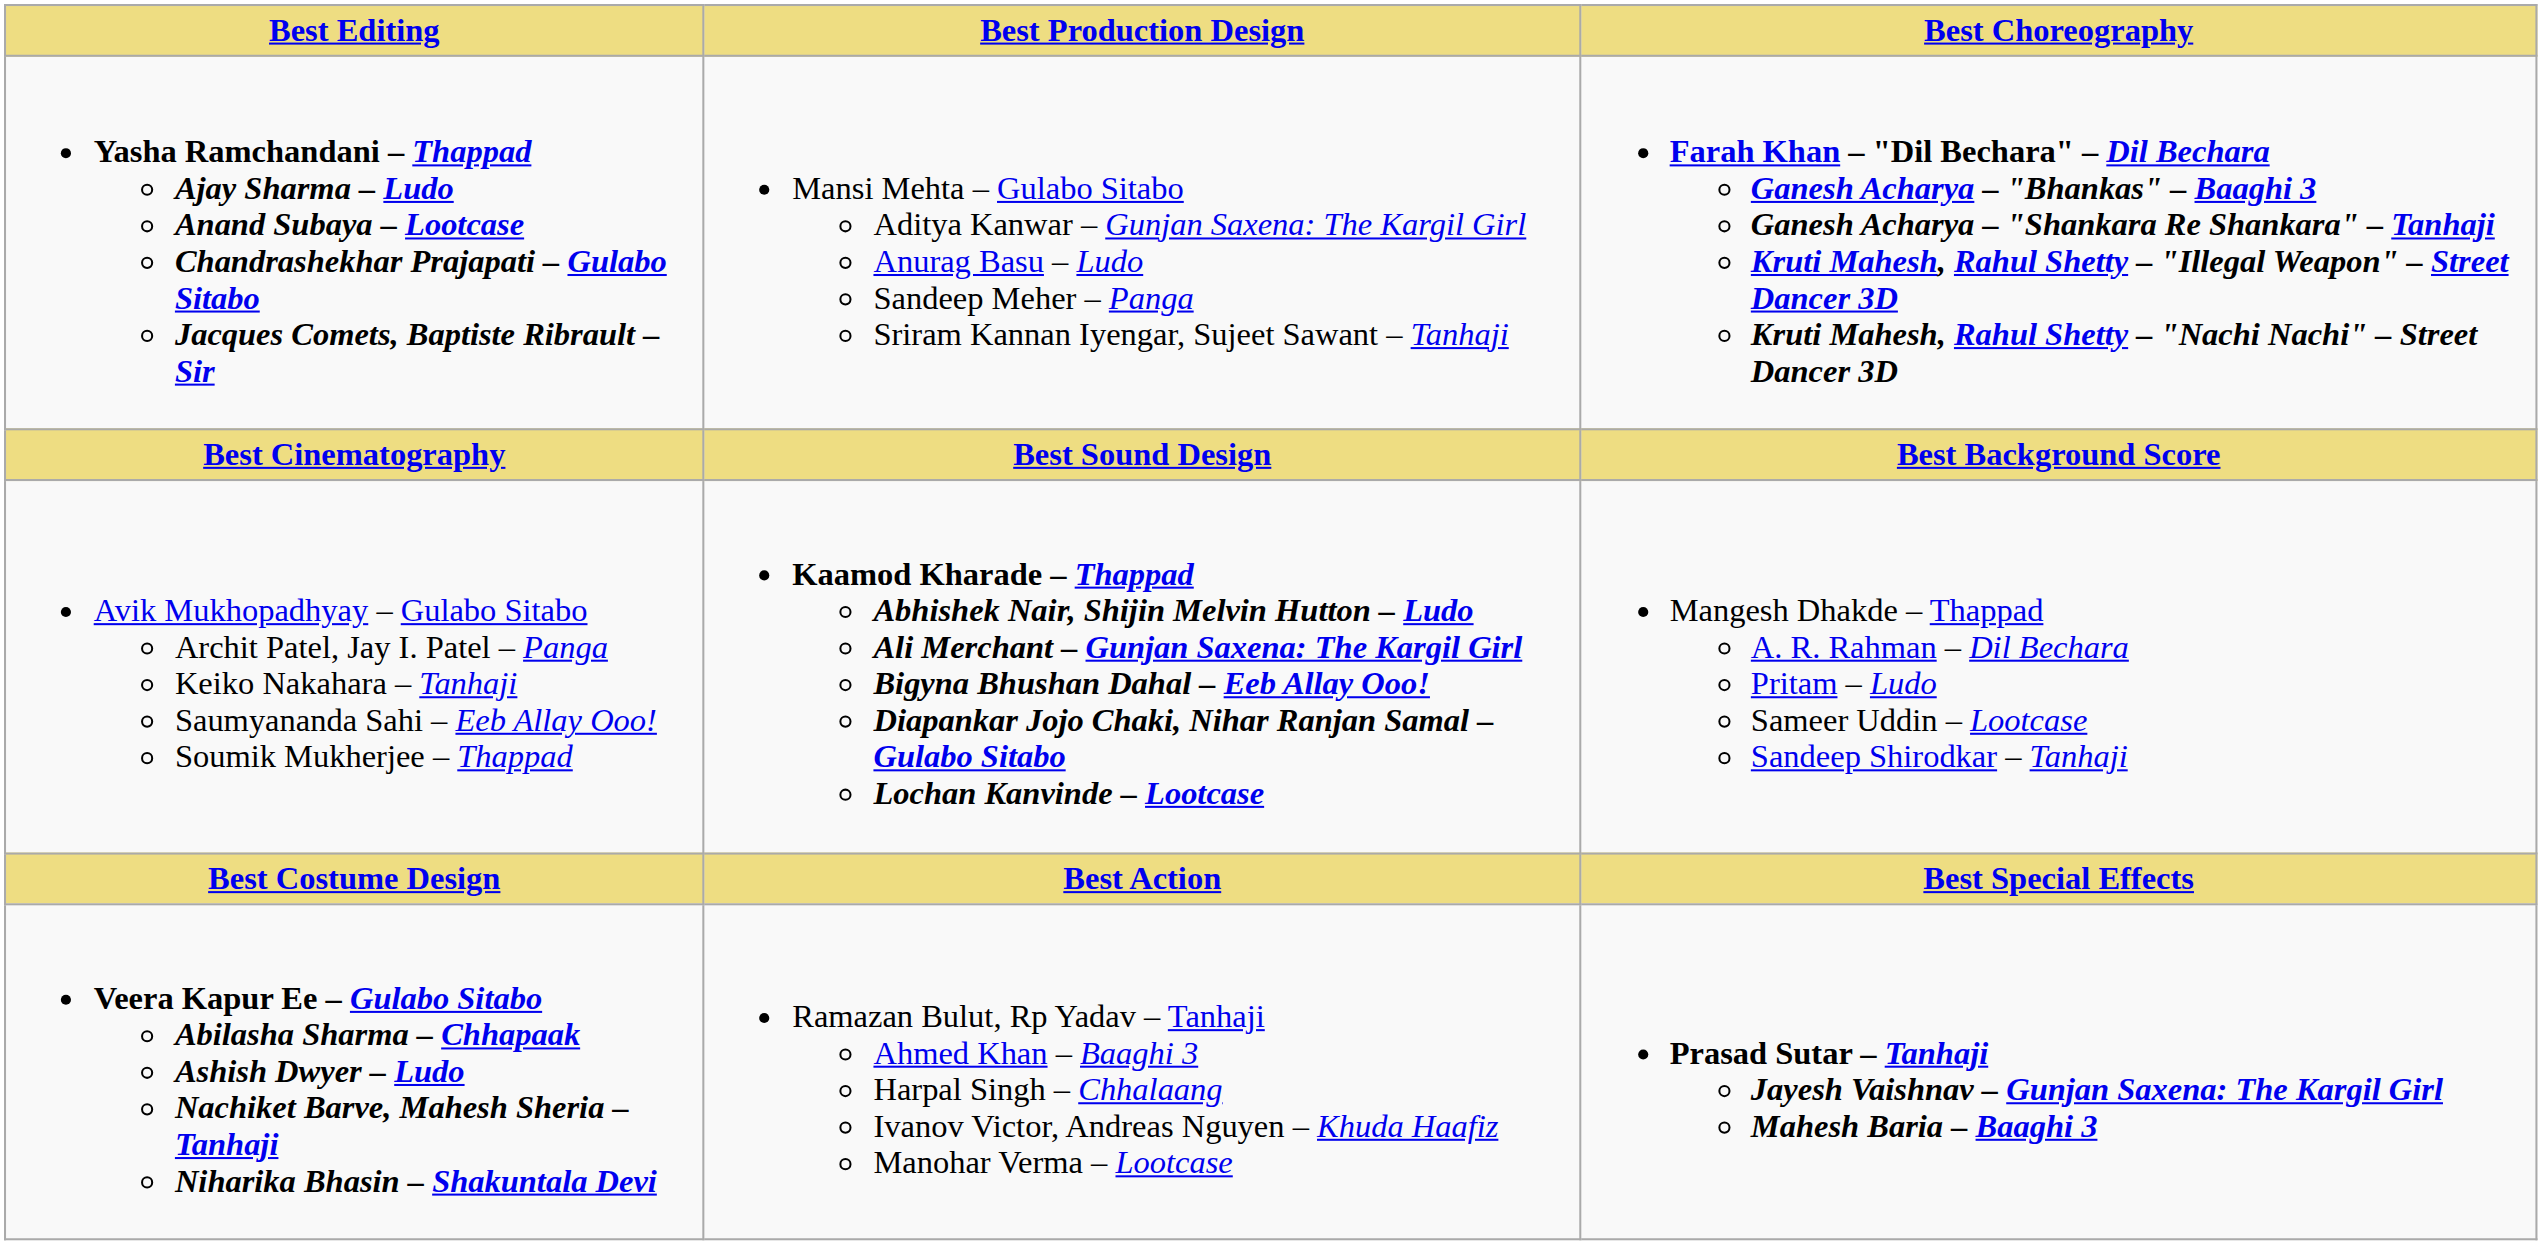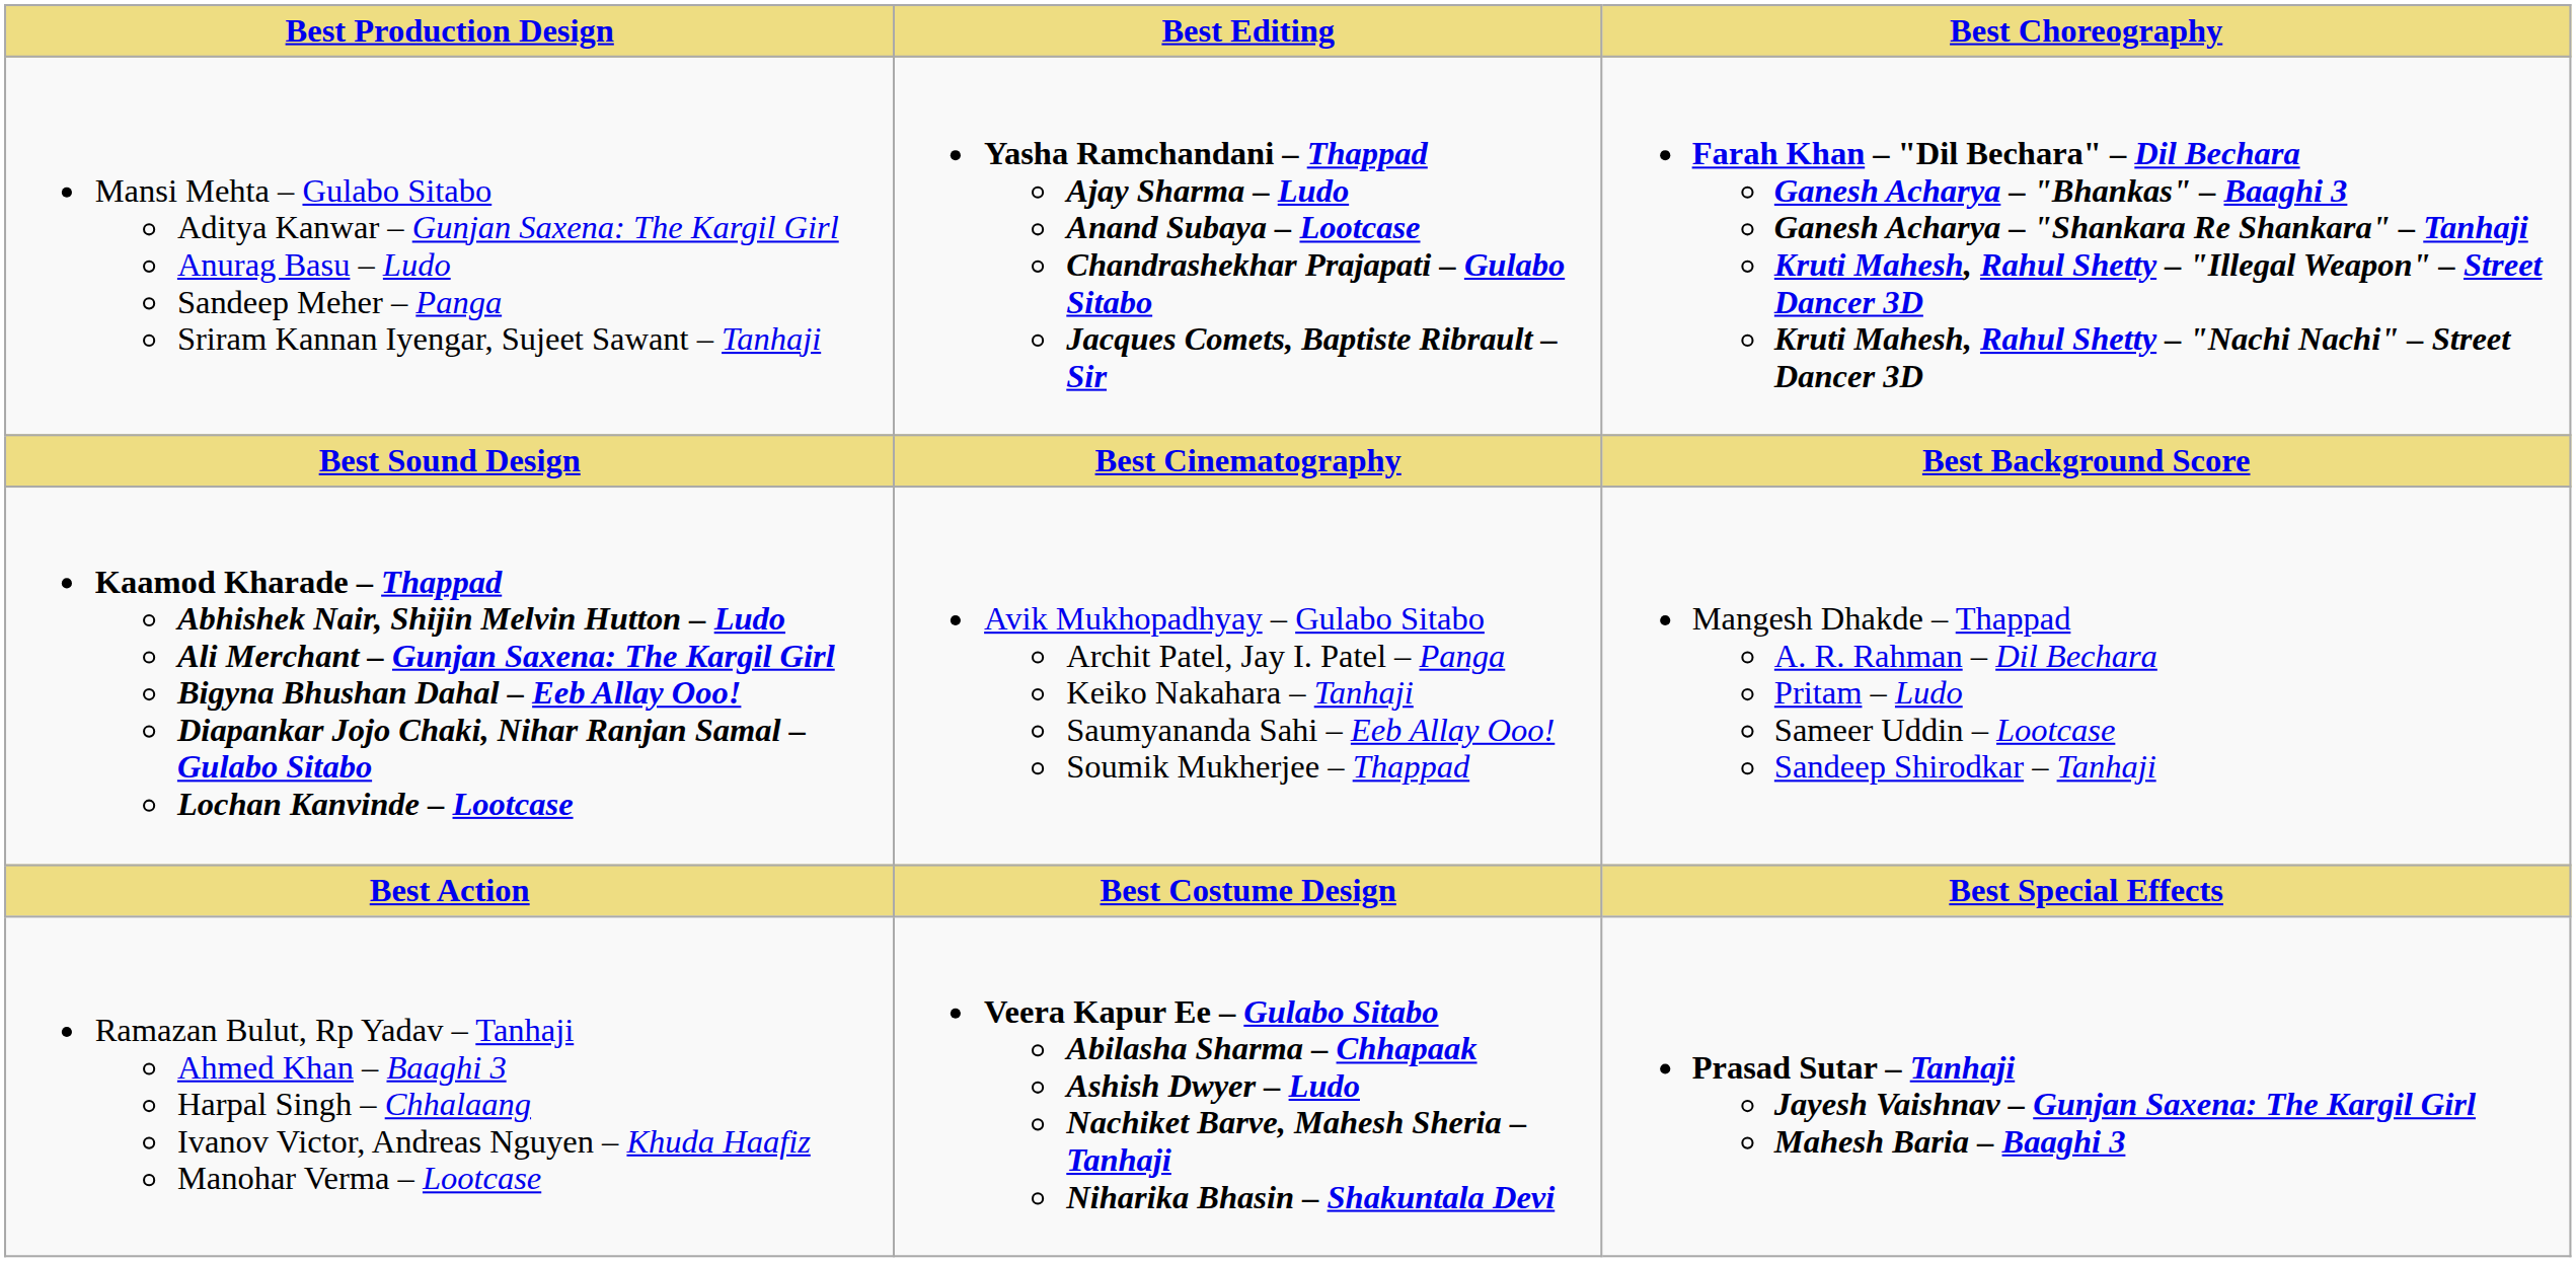 <table class="wikitable">
 <tr>
+<th style="background:#EEDD82;"><a href='#'>Best Production Design</a></th>
 <th style="background:#EEDD82;"><a href='#'>Best Editing</a></th>
-<th style="background:#EEDD82;"><a href='#'>Best Production Design</a></th>
 <th style="background:#EEDD82;"><a href='#'>Best Choreography</a></th>
 </tr>
 <tr>
+<td><br><ul><li></strong>Mansi Mehta – </em><a href='#'>Gulabo Sitabo</a></em></strong><ul><li>Aditya Kanwar – <em><a href='#'>Gunjan Saxena: The Kargil Girl</a></em></li><li><a href='#'>Anurag Basu</a> – <em><a href='#'>Ludo</a></em></li><li>Sandeep Meher – <em><a href='#'>Panga</a></em></li><li>Sriram Kannan Iyengar, Sujeet Sawant  – <em><a href='#'>Tanhaji</a></em></li></ul></li></ul></td>
 <td><br><ul><li><strong>Yasha Ramchandani  – <em><a href='#'>Thappad</a><strong><em><ul><li>Ajay Sharma – </em><a href='#'>Ludo</a><em></li><li>Anand Subaya – </em><a href='#'>Lootcase</a><em></li><li>Chandrashekhar Prajapati – </em><a href='#'>Gulabo Sitabo</a><em></li><li>Jacques Comets, Baptiste Ribrault – </em><a href='#'>Sir</a><em></li></ul></li></ul></td>
-<td><br><ul><li></strong>Mansi Mehta – </em><a href='#'>Gulabo Sitabo</a></em></strong><ul><li>Aditya Kanwar – <em><a href='#'>Gunjan Saxena: The Kargil Girl</a></em></li><li><a href='#'>Anurag Basu</a> – <em><a href='#'>Ludo</a></em></li><li>Sandeep Meher – <em><a href='#'>Panga</a></em></li><li>Sriram Kannan Iyengar, Sujeet Sawant  – <em><a href='#'>Tanhaji</a></em></li></ul></li></ul></td>
 <td><br><ul><li><strong><a href='#'>Farah Khan</a> – "Dil Bechara"  – <em><a href='#'>Dil Bechara</a><strong><em><ul><li><a href='#'>Ganesh Acharya</a> – "Bhankas" – </em><a href='#'>Baaghi 3</a><em></li><li>Ganesh Acharya – "Shankara Re Shankara" – </em><a href='#'>Tanhaji</a><em></li><li><a href='#'>Kruti Mahesh</a>, <a href='#'>Rahul Shetty</a> – "Illegal Weapon" – </em><a href='#'>Street Dancer 3D</a><em></li><li>Kruti Mahesh, <a href='#'>Rahul Shetty</a> – "Nachi Nachi" – </em>Street Dancer 3D<em></li></ul></li></ul></td>
 </tr>
 <tr>
+<th style="background:#EEDD82;"><a href='#'>Best Sound Design</a></th>
 <th style="background:#EEDD82;"><a href='#'>Best Cinematography</a></th>
-<th style="background:#EEDD82;"><a href='#'>Best Sound Design</a></th>
 <th style="background:#EEDD82;"><a href='#'>Best Background Score</a></th>
 </tr>
 <tr>
+<td><br><ul><li><strong>Kaamod Kharade – <em><a href='#'>Thappad</a><strong><em><ul><li>Abhishek Nair, Shijin Melvin Hutton – </em><a href='#'>Ludo</a><em></li><li>Ali Merchant – </em><a href='#'>Gunjan Saxena: The Kargil Girl</a><em></li><li>Bigyna Bhushan Dahal – </em><a href='#'>Eeb Allay Ooo!</a><em></li><li>Diapankar Jojo Chaki, Nihar Ranjan Samal – </em><a href='#'>Gulabo Sitabo</a><em></li><li>Lochan Kanvinde – </em><a href='#'>Lootcase</a><em></li></ul></li></ul></td>
 <td><br><ul><li></strong><a href='#'>Avik Mukhopadhyay</a> – </em><a href='#'>Gulabo Sitabo</a></em></strong><ul><li>Archit Patel, Jay I. Patel – <em><a href='#'>Panga</a></em></li><li>Keiko Nakahara – <em><a href='#'>Tanhaji</a></em></li><li>Saumyananda Sahi – <em><a href='#'>Eeb Allay Ooo!</a></em></li><li>Soumik Mukherjee – <em><a href='#'>Thappad</a></em></li></ul></li></ul></td>
-<td><br><ul><li><strong>Kaamod Kharade – <em><a href='#'>Thappad</a><strong><em><ul><li>Abhishek Nair, Shijin Melvin Hutton – </em><a href='#'>Ludo</a><em></li><li>Ali Merchant – </em><a href='#'>Gunjan Saxena: The Kargil Girl</a><em></li><li>Bigyna Bhushan Dahal – </em><a href='#'>Eeb Allay Ooo!</a><em></li><li>Diapankar Jojo Chaki, Nihar Ranjan Samal – </em><a href='#'>Gulabo Sitabo</a><em></li><li>Lochan Kanvinde – </em><a href='#'>Lootcase</a><em></li></ul></li></ul></td>
 <td><br><ul><li></strong>Mangesh Dhakde – </em><a href='#'>Thappad</a></em></strong><ul><li><a href='#'>A. R. Rahman</a> – <em><a href='#'>Dil Bechara</a></em></li><li><a href='#'>Pritam</a> – <em><a href='#'>Ludo</a></em></li><li>Sameer Uddin – <em><a href='#'>Lootcase</a></em></li><li><a href='#'>Sandeep Shirodkar</a>  – <em><a href='#'>Tanhaji</a></em></li></ul></li></ul></td>
 </tr>
 <tr>
+<th style="background:#EEDD82;"><a href='#'>Best Action</a></th>
 <th style="background:#EEDD82;"><a href='#'>Best Costume Design</a></th>
-<th style="background:#EEDD82;"><a href='#'>Best Action</a></th>
 <th style="background:#EEDD82;"><a href='#'>Best Special Effects</a></th>
 </tr>
 <tr>
+<td><br><ul><li></strong>Ramazan Bulut, Rp Yadav – </em><a href='#'>Tanhaji</a></em></strong><ul><li><a href='#'>Ahmed Khan</a> – <em><a href='#'>Baaghi 3</a></em></li><li>Harpal Singh – <em><a href='#'>Chhalaang</a></em></li><li>Ivanov Victor, Andreas Nguyen – <em><a href='#'>Khuda Haafiz</a></em></li><li>Manohar Verma  – <em><a href='#'>Lootcase</a></em></li></ul></li></ul></td>
 <td><br><ul><li><strong>Veera Kapur Ee – <em><a href='#'>Gulabo Sitabo</a><strong><em><ul><li>Abilasha Sharma – </em><a href='#'>Chhapaak</a><em></li><li>Ashish Dwyer – </em><a href='#'>Ludo</a><em></li><li>Nachiket Barve, Mahesh Sheria – </em><a href='#'>Tanhaji</a><em></li><li>Niharika Bhasin  – </em><a href='#'>Shakuntala Devi</a><em></li></ul></li></ul></td>
-<td><br><ul><li></strong>Ramazan Bulut, Rp Yadav – </em><a href='#'>Tanhaji</a></em></strong><ul><li><a href='#'>Ahmed Khan</a> – <em><a href='#'>Baaghi 3</a></em></li><li>Harpal Singh – <em><a href='#'>Chhalaang</a></em></li><li>Ivanov Victor, Andreas Nguyen – <em><a href='#'>Khuda Haafiz</a></em></li><li>Manohar Verma  – <em><a href='#'>Lootcase</a></em></li></ul></li></ul></td>
 <td><br><ul><li><strong>Prasad Sutar – <em><a href='#'>Tanhaji</a><strong><em><ul><li>Jayesh Vaishnav – </em><a href='#'>Gunjan Saxena: The Kargil Girl</a><em></li><li>Mahesh Baria – </em><a href='#'>Baaghi 3</a><em></li></ul></li></ul></td>
 </tr>
 </table>
